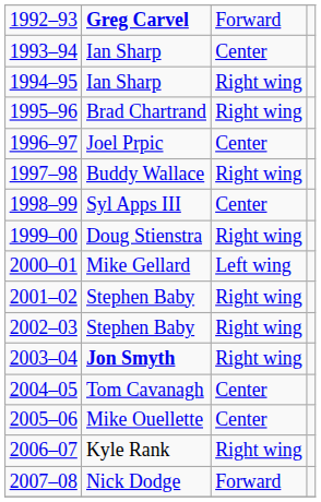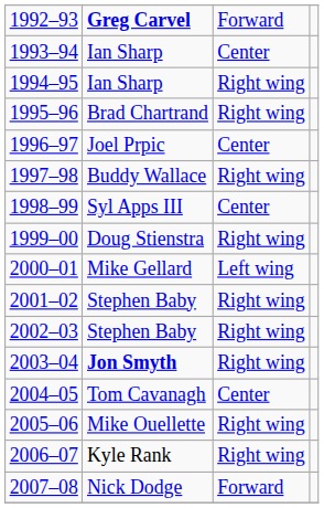 <table class="wikitable sortable">
 <tr>
 </tr>
 <tr>
 <td><a href='#'>1992–93</a></td>
 <td><strong><a href='#'>Greg Carvel</a></strong></td>
 <td><a href='#'>Forward</a></td>
 <td><strong><a href='#'></a></strong></td>
 </tr>
 <tr>
 <td><a href='#'>1993–94</a></td>
 <td><a href='#'>Ian Sharp</a></td>
 <td><a href='#'>Center</a></td>
 <td><strong><a href='#'></a></strong></td>
 </tr>
 <tr>
 <td><a href='#'>1994–95</a></td>
 <td><a href='#'>Ian Sharp</a></td>
 <td><a href='#'>Right wing</a></td>
 <td><strong><a href='#'></a></strong></td>
 </tr>
 <tr>
 <td><a href='#'>1995–96</a></td>
 <td><a href='#'>Brad Chartrand</a></td>
 <td><a href='#'>Right wing</a></td>
 <td><strong><a href='#'></a></strong></td>
 </tr>
 <tr>
 <td><a href='#'>1996–97</a></td>
 <td><a href='#'>Joel Prpic</a></td>
 <td><a href='#'>Center</a></td>
 <td><strong><a href='#'></a></strong></td>
 </tr>
 <tr>
 <td><a href='#'>1997–98</a></td>
 <td><a href='#'>Buddy Wallace</a></td>
 <td><a href='#'>Right wing</a></td>
 <td><strong><a href='#'></a></strong></td>
 </tr>
 <tr>
 <td><a href='#'>1998–99</a></td>
 <td><a href='#'>Syl Apps III</a></td>
 <td><a href='#'>Center</a></td>
 <td><strong><a href='#'></a></strong></td>
 </tr>
 <tr>
 <td><a href='#'>1999–00</a></td>
 <td><a href='#'>Doug Stienstra</a></td>
 <td><a href='#'>Right wing</a></td>
 <td><strong><a href='#'></a></strong></td>
 </tr>
 <tr>
 <td><a href='#'>2000–01</a></td>
 <td><a href='#'>Mike Gellard</a></td>
 <td><a href='#'>Left wing</a></td>
 <td><strong><a href='#'></a></strong></td>
 </tr>
 <tr>
 <td><a href='#'>2001–02</a></td>
 <td><a href='#'>Stephen Baby</a></td>
 <td><a href='#'>Right wing</a></td>
 <td><strong><a href='#'></a></strong></td>
 </tr>
 <tr>
 <td><a href='#'>2002–03</a></td>
 <td><a href='#'>Stephen Baby</a></td>
 <td><a href='#'>Right wing</a></td>
 <td><strong><a href='#'></a></strong></td>
 </tr>
 <tr>
 <td><a href='#'>2003–04</a></td>
 <td><strong><a href='#'>Jon Smyth</a></strong></td>
 <td><a href='#'>Right wing</a></td>
 <td><strong><a href='#'></a></strong></td>
 </tr>
 <tr>
 <td><a href='#'>2004–05</a></td>
 <td><a href='#'>Tom Cavanagh</a></td>
 <td><a href='#'>Center</a></td>
 <td><strong><a href='#'></a></strong></td>
 </tr>
 <tr>
 <td><a href='#'>2005–06</a></td>
 <td><a href='#'>Mike Ouellette</a></td>
-<td><a href='#'>Center</a></td>
+<td><a href='#'>Right wing</a></td>
 <td><strong><a href='#'></a></strong></td>
 </tr>
 <tr>
 <td><a href='#'>2006–07</a></td>
 <td>Kyle Rank</td>
 <td><a href='#'>Right wing</a></td>
 <td><strong><a href='#'></a></strong></td>
 </tr>
 <tr>
 <td><a href='#'>2007–08</a></td>
 <td><a href='#'>Nick Dodge</a></td>
 <td><a href='#'>Forward</a></td>
 <td><strong><a href='#'></a></strong></td>
 </tr>
 <tr>
 </tr>
 </table>
